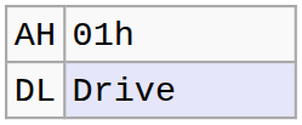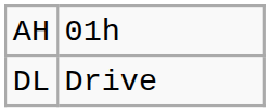 <table class="wikitable">
 <tr>
 <td width="20%">AH</td>
 <td width="80%">01h</td>
 </tr>
 <tr>
 <td width="20%">DL</td>
-<td width="80%" style="background: lavender;">Drive</td>
+<td width="80%">Drive</td>
 </tr>
 </table>
